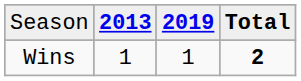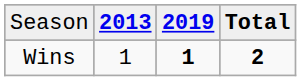 <table class="wikitable">
 <tr bgcolor=efefef>
 <td>Season</td>
 <td><strong><a href='#'>2013</a></strong></td>
 <td><strong><a href='#'>2019</a></strong></td>
 <td><strong>Total</strong></td>
 </tr>
 <tr align=center>
 <td>Wins</td>
 <td>1</td>
-<td>1</td>
+<td><strong>1</strong></td>
 <td><strong>2</strong></td>
 </tr>
 </table>
